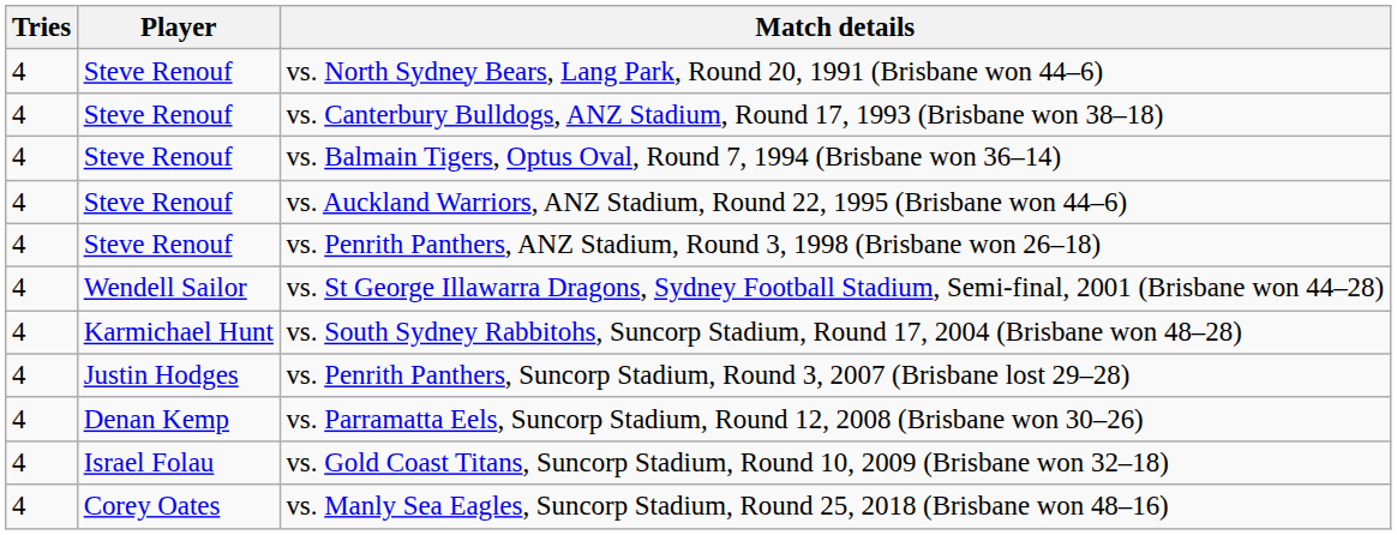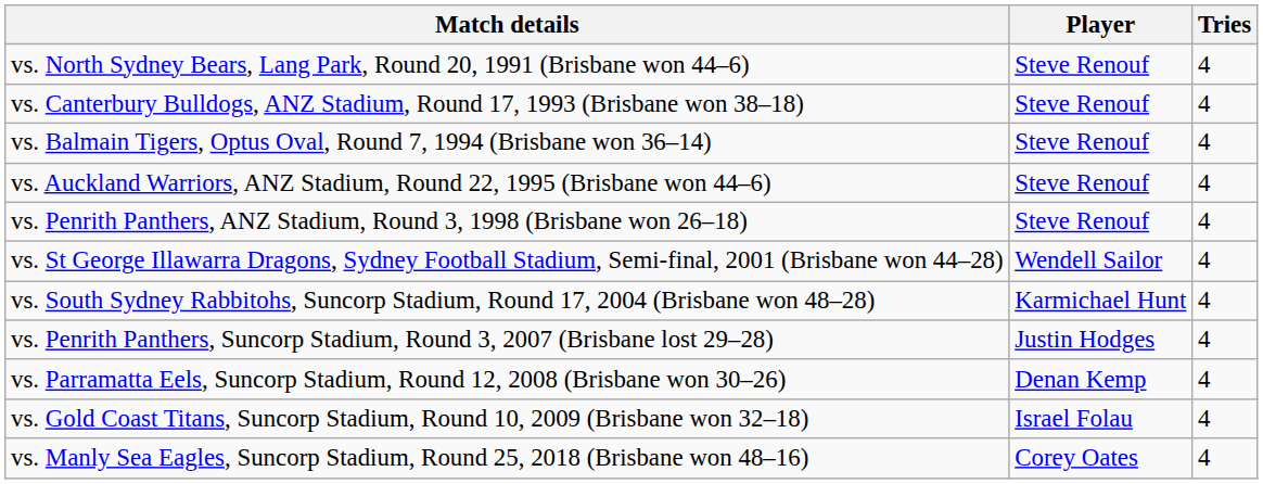 <table class="wikitable">
 <tr>
+<th>Match details</th>
+<th>Player</th>
 <th>Tries</th>
-<th>Player</th>
-<th>Match details</th>
 </tr>
 <tr>
+<td>vs. <a href='#'>North Sydney Bears</a>, <a href='#'>Lang Park</a>, Round 20, 1991 (Brisbane won 44–6)</td>
+<td><a href='#'>Steve Renouf</a></td>
 <td>4</td>
-<td><a href='#'>Steve Renouf</a></td>
-<td>vs. <a href='#'>North Sydney Bears</a>, <a href='#'>Lang Park</a>, Round 20, 1991 (Brisbane won 44–6)</td>
 </tr>
 <tr>
+<td>vs. <a href='#'>Canterbury Bulldogs</a>, <a href='#'>ANZ Stadium</a>, Round 17, 1993 (Brisbane won 38–18)</td>
+<td><a href='#'>Steve Renouf</a></td>
 <td>4</td>
-<td><a href='#'>Steve Renouf</a></td>
-<td>vs. <a href='#'>Canterbury Bulldogs</a>, <a href='#'>ANZ Stadium</a>, Round 17, 1993 (Brisbane won 38–18)</td>
 </tr>
 <tr>
+<td>vs. <a href='#'>Balmain Tigers</a>, <a href='#'>Optus Oval</a>, Round 7, 1994 (Brisbane won 36–14)</td>
+<td><a href='#'>Steve Renouf</a></td>
 <td>4</td>
-<td><a href='#'>Steve Renouf</a></td>
-<td>vs. <a href='#'>Balmain Tigers</a>, <a href='#'>Optus Oval</a>, Round 7, 1994 (Brisbane won 36–14)</td>
 </tr>
 <tr>
+<td>vs. <a href='#'>Auckland Warriors</a>, ANZ Stadium, Round 22, 1995 (Brisbane won 44–6)</td>
+<td><a href='#'>Steve Renouf</a></td>
 <td>4</td>
-<td><a href='#'>Steve Renouf</a></td>
-<td>vs. <a href='#'>Auckland Warriors</a>, ANZ Stadium, Round 22, 1995 (Brisbane won 44–6)</td>
 </tr>
 <tr>
+<td>vs. <a href='#'>Penrith Panthers</a>, ANZ Stadium, Round 3, 1998 (Brisbane won 26–18)</td>
+<td><a href='#'>Steve Renouf</a></td>
 <td>4</td>
-<td><a href='#'>Steve Renouf</a></td>
-<td>vs. <a href='#'>Penrith Panthers</a>, ANZ Stadium, Round 3, 1998 (Brisbane won 26–18)</td>
 </tr>
 <tr>
+<td>vs. <a href='#'>St George Illawarra Dragons</a>, <a href='#'>Sydney Football Stadium</a>, Semi-final, 2001 (Brisbane won 44–28)</td>
+<td><a href='#'>Wendell Sailor</a></td>
 <td>4</td>
-<td><a href='#'>Wendell Sailor</a></td>
-<td>vs. <a href='#'>St George Illawarra Dragons</a>, <a href='#'>Sydney Football Stadium</a>, Semi-final, 2001 (Brisbane won 44–28)</td>
 </tr>
 <tr>
+<td>vs. <a href='#'>South Sydney Rabbitohs</a>, Suncorp Stadium, Round 17, 2004 (Brisbane won 48–28)</td>
+<td><a href='#'>Karmichael Hunt</a></td>
 <td>4</td>
-<td><a href='#'>Karmichael Hunt</a></td>
-<td>vs. <a href='#'>South Sydney Rabbitohs</a>, Suncorp Stadium, Round 17, 2004 (Brisbane won 48–28)</td>
 </tr>
 <tr>
+<td>vs. <a href='#'>Penrith Panthers</a>, Suncorp Stadium, Round 3, 2007 (Brisbane lost 29–28)</td>
+<td><a href='#'>Justin Hodges</a></td>
 <td>4</td>
-<td><a href='#'>Justin Hodges</a></td>
-<td>vs. <a href='#'>Penrith Panthers</a>, Suncorp Stadium, Round 3, 2007 (Brisbane lost 29–28)</td>
 </tr>
 <tr>
+<td>vs. <a href='#'>Parramatta Eels</a>, Suncorp Stadium, Round 12, 2008 (Brisbane won 30–26)</td>
+<td><a href='#'>Denan Kemp</a></td>
 <td>4</td>
-<td><a href='#'>Denan Kemp</a></td>
-<td>vs. <a href='#'>Parramatta Eels</a>, Suncorp Stadium, Round 12, 2008 (Brisbane won 30–26)</td>
 </tr>
 <tr>
+<td>vs. <a href='#'>Gold Coast Titans</a>, Suncorp Stadium, Round 10, 2009 (Brisbane won 32–18)</td>
+<td><a href='#'>Israel Folau</a></td>
 <td>4</td>
-<td><a href='#'>Israel Folau</a></td>
-<td>vs. <a href='#'>Gold Coast Titans</a>, Suncorp Stadium, Round 10, 2009 (Brisbane won 32–18)</td>
 </tr>
 <tr>
+<td>vs. <a href='#'>Manly Sea Eagles</a>, Suncorp Stadium, Round 25, 2018 (Brisbane won 48–16)</td>
+<td><a href='#'>Corey Oates</a></td>
 <td>4</td>
-<td><a href='#'>Corey Oates</a></td>
-<td>vs. <a href='#'>Manly Sea Eagles</a>, Suncorp Stadium, Round 25, 2018 (Brisbane won 48–16)</td>
 </tr>
 </table>
